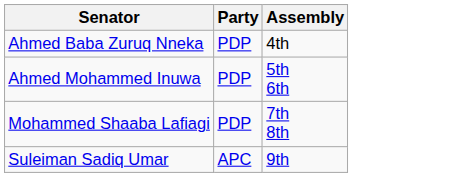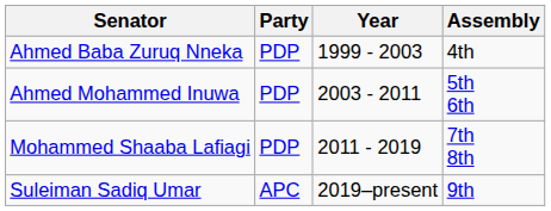 <table class="wikitable">
 <tr>
 <th>Senator</th>
 <th>Party</th>
+<th>Year</th>
 <th>Assembly</th>
 </tr>
 <tr>
 <td><a href='#'>Ahmed Baba Zuruq Nneka</a></td>
 <td><a href='#'>PDP</a></td>
+<td>1999 - 2003</td>
 <td>4th</td>
 </tr>
 <tr>
 <td><a href='#'>Ahmed Mohammed Inuwa</a></td>
 <td><a href='#'>PDP</a></td>
+<td>2003 - 2011</td>
 <td><a href='#'>5th</a><br><a href='#'>6th</a>  <br></td>
 </tr>
 <tr>
 <td><a href='#'>Mohammed Shaaba Lafiagi</a></td>
 <td><a href='#'>PDP</a></td>
+<td>2011 - 2019</td>
 <td><a href='#'>7th</a><br><a href='#'>8th</a></td>
 </tr>
 <tr>
 <td><a href='#'>Suleiman Sadiq Umar</a></td>
 <td><a href='#'>APC</a></td>
+<td>2019–present</td>
 <td><a href='#'>9th</a></td>
 </tr>
 </table>
